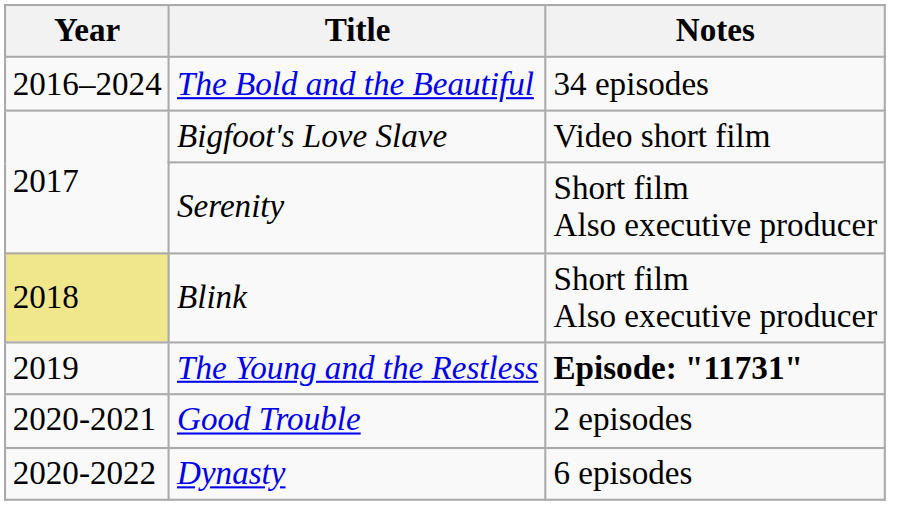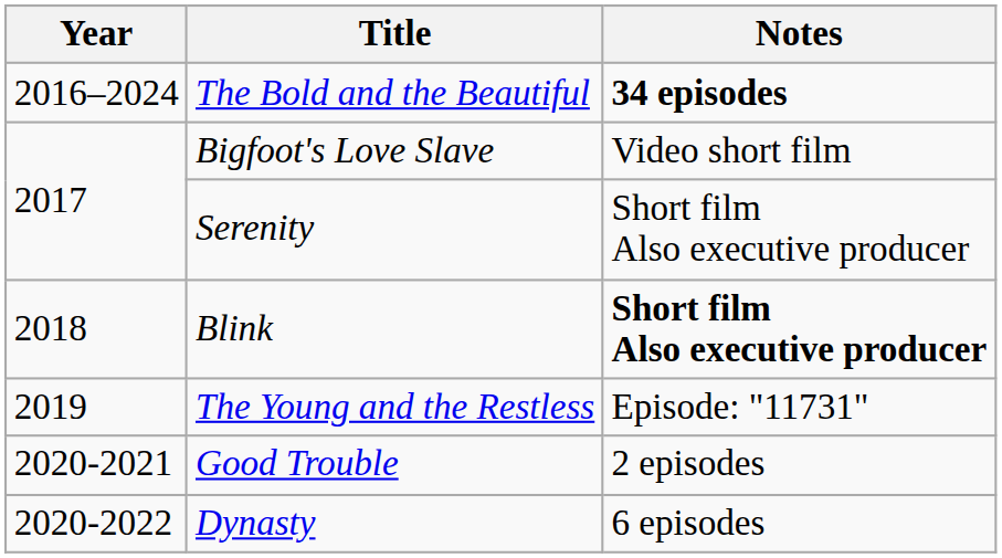 <table class="wikitable sortable">
 <tr>
 <th>Year</th>
 <th>Title</th>
 <th>Notes</th>
 </tr>
 <tr>
 <td>2016–2024</td>
 <td><em><a href='#'>The Bold and the Beautiful</a></em></td>
-<td>34 episodes</td>
+<td><strong>34 episodes</strong></td>
 </tr>
 <tr>
 <td rowspan="2">2017</td>
 <td><em>Bigfoot's Love Slave</em></td>
 <td>Video short film</td>
 </tr>
 <tr>
 <td><em>Serenity</em></td>
 <td>Short film<br>Also executive producer</td>
 </tr>
 <tr>
-<td style="background: khaki;">2018</td>
+<td>2018</td>
 <td><em>Blink</em></td>
-<td>Short film<br>Also executive producer</td>
+<td><strong>Short film<br>Also executive producer</strong></td>
 </tr>
 <tr>
 <td>2019</td>
 <td><em><a href='#'>The Young and the Restless</a></em></td>
-<td><strong>Episode: "11731"</strong></td>
+<td>Episode: "11731"</td>
 </tr>
 <tr>
 <td>2020-2021</td>
 <td><em><a href='#'>Good Trouble</a></em></td>
 <td>2 episodes</td>
 </tr>
 <tr>
 <td>2020-2022</td>
 <td><em><a href='#'>Dynasty</a></em></td>
 <td>6 episodes</td>
 </tr>
 </table>
